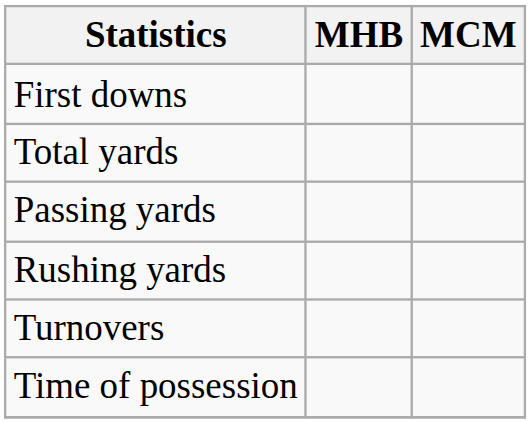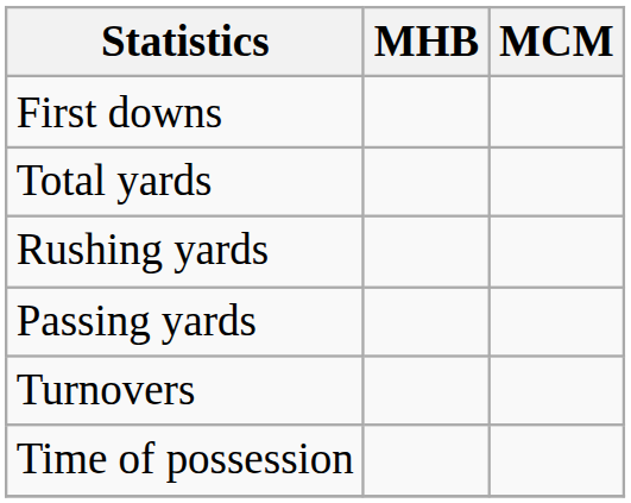 <table class="wikitable" style="float: left;">
 <tr>
 <th>Statistics</th>
 <th>MHB</th>
 <th>MCM</th>
 </tr>
 <tr>
 <td>First downs</td>
 <td></td>
 <td></td>
 </tr>
 <tr>
 <td>Total yards</td>
 <td></td>
 <td></td>
 </tr>
 <tr>
-<td>Passing yards</td>
+<td>Rushing yards</td>
 <td></td>
 <td></td>
 </tr>
 <tr>
-<td>Rushing yards</td>
+<td>Passing yards</td>
 <td></td>
 <td></td>
 </tr>
 <tr>
 <td>Turnovers</td>
 <td></td>
 <td></td>
 </tr>
 <tr>
 <td>Time of possession</td>
 <td></td>
 <td></td>
 </tr>
 <tr>
 </tr>
 </table>
